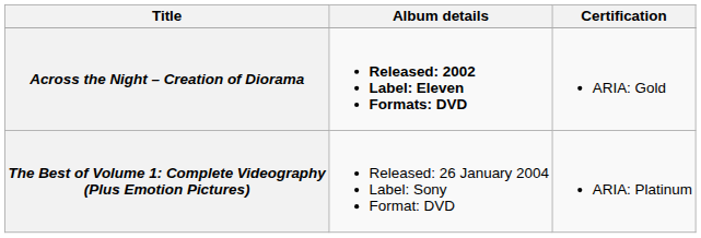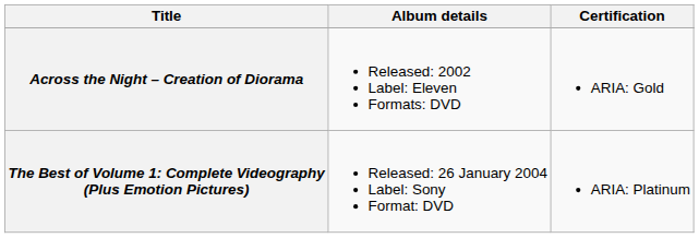 <table class="wikitable plainrowheaders">
 <tr>
 <th scope="col">Title</th>
 <th scope="col">Album details</th>
 <th scope="col">Certification</th>
 </tr>
 <tr style=font-size:smaller;>
 </tr>
 <tr>
 <th scope="row"><em>Across the Night – Creation of Diorama</em></th>
-<td><strong><br><ul><li>Released: 2002</li><li>Label: Eleven</li><li>Formats: DVD</li></ul></strong></td>
+<td><br><ul><li>Released: 2002</li><li>Label: Eleven</li><li>Formats: DVD</li></ul></td>
 <td><br><ul><li>ARIA: Gold</li></ul></td>
 </tr>
 <tr>
 <th scope="row"><em>The Best of Volume 1: Complete Videography <br>(Plus Emotion Pictures)</em></th>
 <td><br><ul><li>Released: 26 January 2004</li><li>Label: Sony</li><li>Format: DVD</li></ul></td>
 <td><br><ul><li>ARIA: Platinum</li></ul></td>
 </tr>
 </table>
